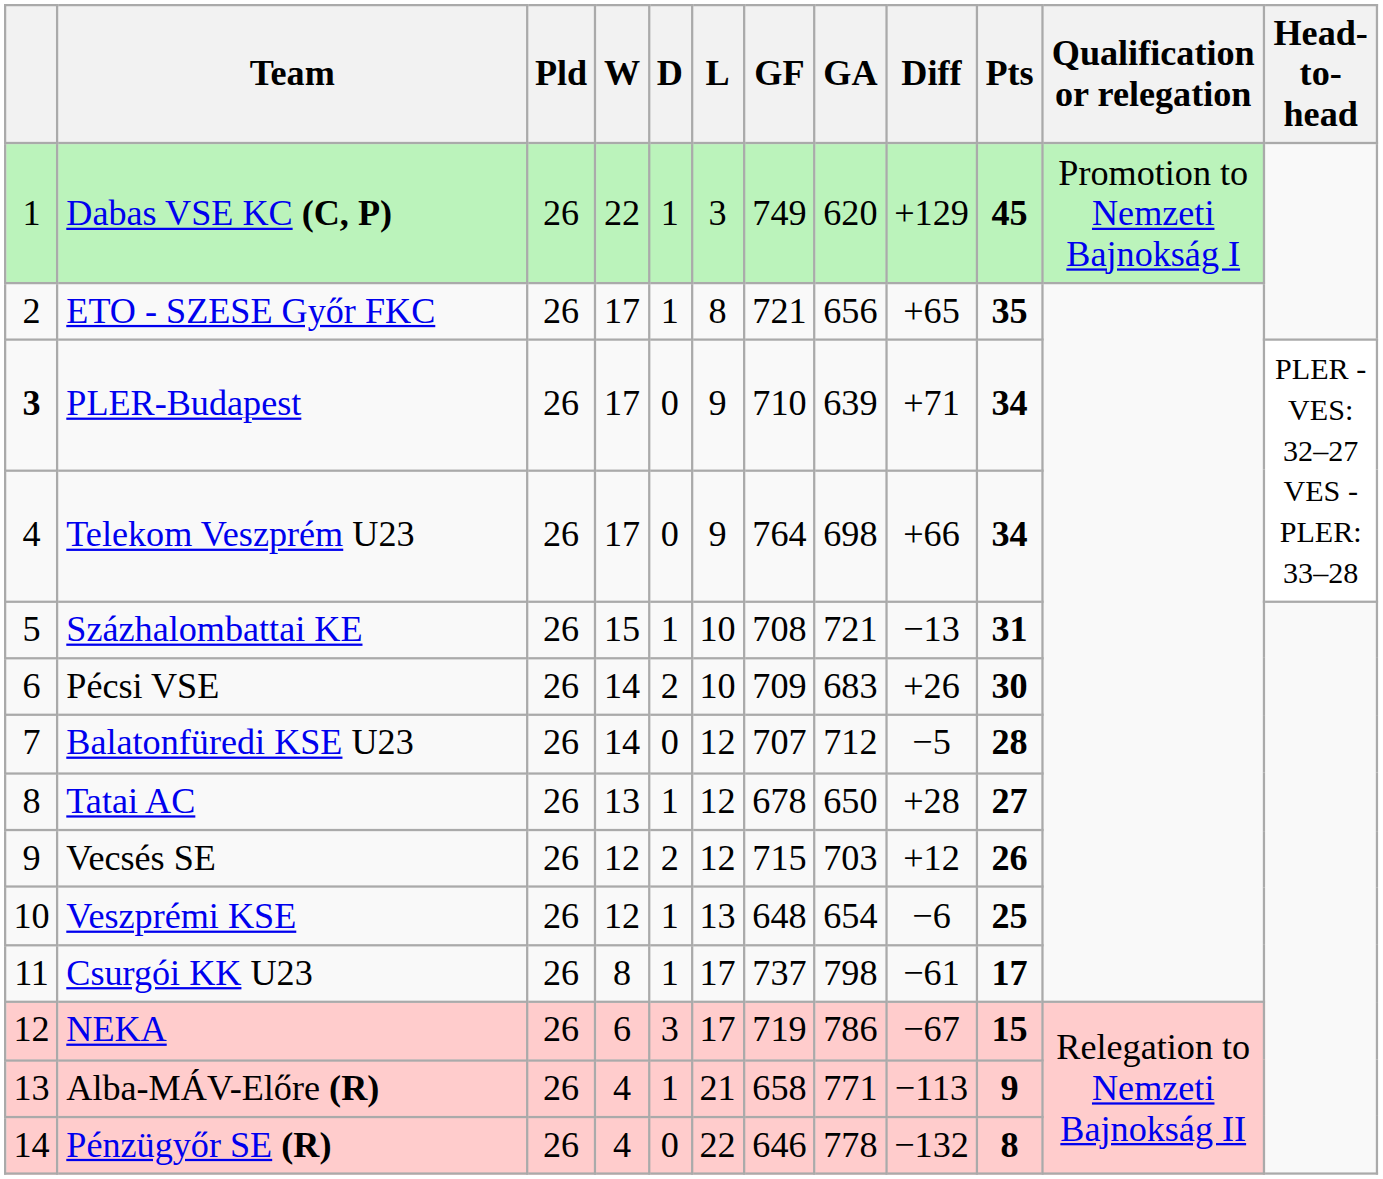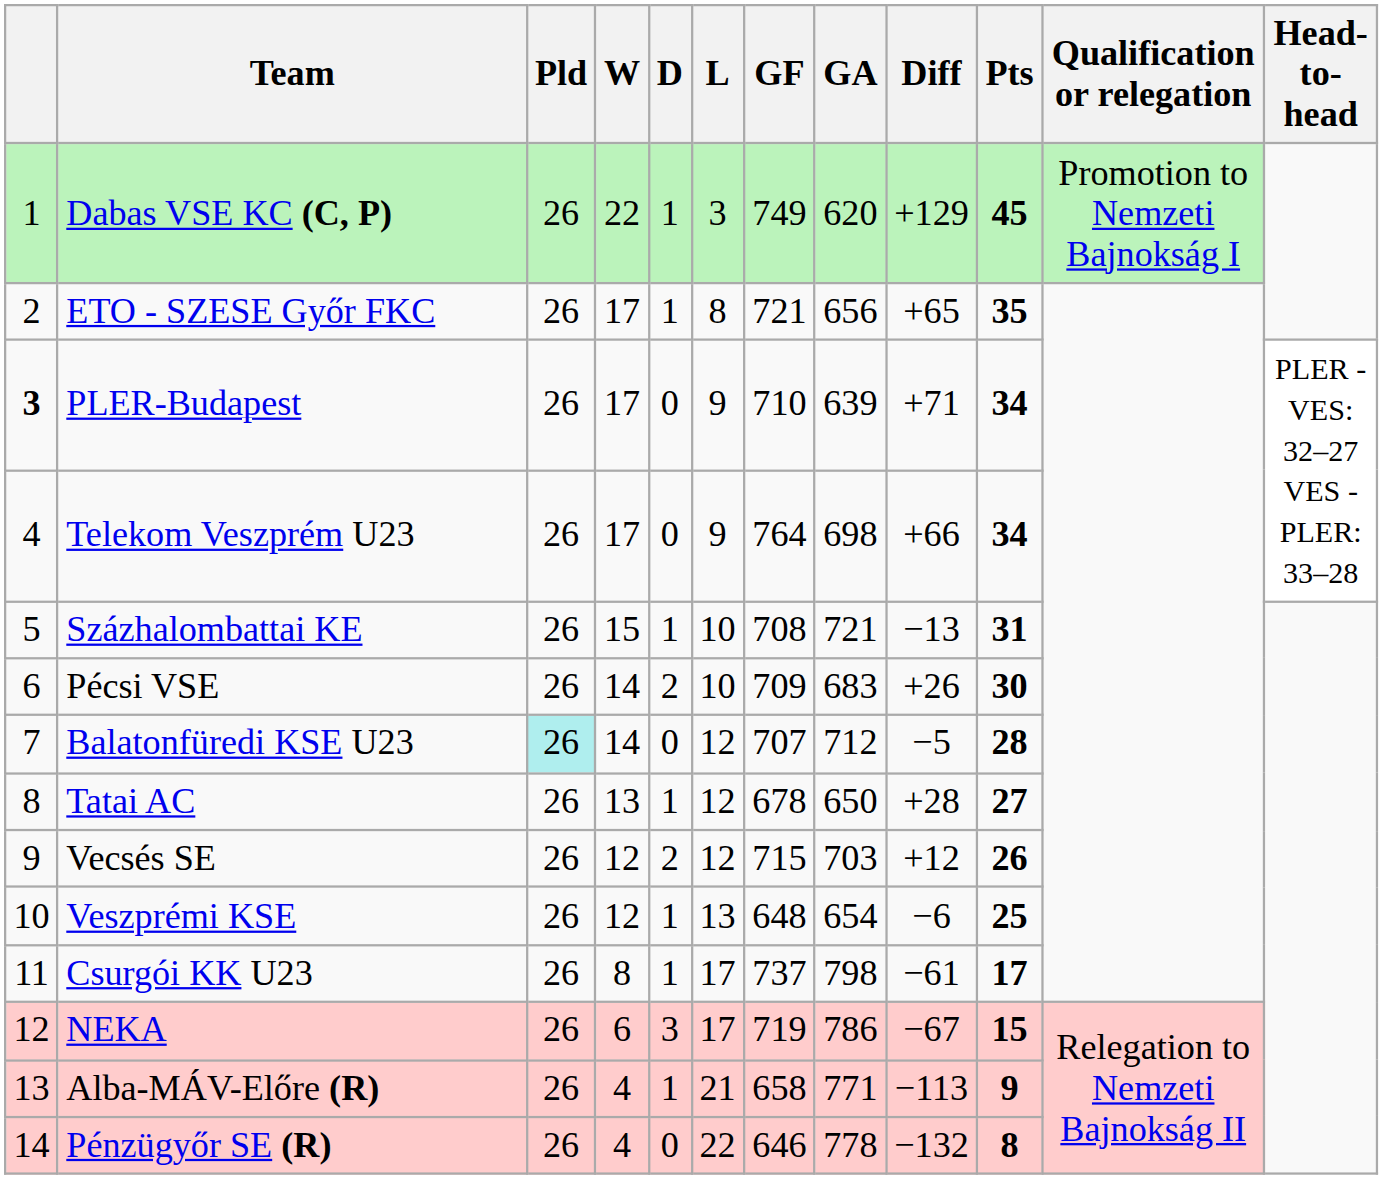 <table class="wikitable sortable" style="text-align:center">
 <tr>
 <th></th>
 <th width="200">Team</th>
 <th>Pld</th>
 <th>W</th>
 <th>D</th>
 <th>L</th>
 <th>GF</th>
 <th>GA</th>
 <th>Diff</th>
 <th>Pts</th>
 <th>Qualification or relegation</th>
 <th>Head-to-head</th>
 </tr>
 <tr style="background:#BBF3BB;">
 <td>1</td>
 <td align=left><a href='#'>Dabas VSE KC</a> <strong>(C, P)</strong></td>
 <td>26</td>
 <td>22</td>
 <td>1</td>
 <td>3</td>
 <td>749</td>
 <td>620</td>
 <td>+129</td>
 <td><strong>45</strong></td>
 <td>Promotion to <a href='#'>Nemzeti Bajnokság I</a></td>
 </tr>
 <tr>
 <td>2</td>
 <td align=left><a href='#'>ETO - SZESE Győr FKC</a></td>
 <td>26</td>
 <td>17</td>
 <td>1</td>
 <td>8</td>
 <td>721</td>
 <td>656</td>
 <td>+65</td>
 <td><strong>35</strong></td>
 <td rowspan="10"></td>
 </tr>
 <tr>
 <td><strong>3</strong></td>
 <td align=left><a href='#'>PLER-Budapest</a></td>
 <td>26</td>
 <td>17</td>
 <td>0</td>
 <td>9</td>
 <td>710</td>
 <td>639</td>
 <td>+71</td>
 <td><strong>34</strong></td>
 <td rowspan="2" style="background: #FFFFFF;"><small>PLER - VES: 32–27<br>VES - PLER: 33–28</small></td>
 </tr>
 <tr>
 <td>4</td>
 <td align=left><a href='#'>Telekom Veszprém</a> U23</td>
 <td>26</td>
 <td>17</td>
 <td>0</td>
 <td>9</td>
 <td>764</td>
 <td>698</td>
 <td>+66</td>
 <td><strong>34</strong></td>
 </tr>
 <tr>
 <td>5</td>
 <td align=left><a href='#'>Százhalombattai KE</a></td>
 <td>26</td>
 <td>15</td>
 <td>1</td>
 <td>10</td>
 <td>708</td>
 <td>721</td>
 <td>−13</td>
 <td><strong>31</strong></td>
 </tr>
 <tr>
 <td>6</td>
 <td align=left>Pécsi VSE</td>
 <td>26</td>
 <td>14</td>
 <td>2</td>
 <td>10</td>
 <td>709</td>
 <td>683</td>
 <td>+26</td>
 <td><strong>30</strong></td>
 </tr>
 <tr>
 <td>7</td>
 <td align=left><a href='#'>Balatonfüredi KSE</a> U23</td>
-<td>26</td>
+<td style="background: paleturquoise;">26</td>
 <td>14</td>
 <td>0</td>
 <td>12</td>
 <td>707</td>
 <td>712</td>
 <td>−5</td>
 <td><strong>28</strong></td>
 </tr>
 <tr>
 <td>8</td>
 <td align=left><a href='#'>Tatai AC</a></td>
 <td>26</td>
 <td>13</td>
 <td>1</td>
 <td>12</td>
 <td>678</td>
 <td>650</td>
 <td>+28</td>
 <td><strong>27</strong></td>
 </tr>
 <tr>
 <td>9</td>
 <td align=left>Vecsés SE</td>
 <td>26</td>
 <td>12</td>
 <td>2</td>
 <td>12</td>
 <td>715</td>
 <td>703</td>
 <td>+12</td>
 <td><strong>26</strong></td>
 </tr>
 <tr>
 <td>10</td>
 <td align=left><a href='#'>Veszprémi KSE</a></td>
 <td>26</td>
 <td>12</td>
 <td>1</td>
 <td>13</td>
 <td>648</td>
 <td>654</td>
 <td>−6</td>
 <td><strong>25</strong></td>
 </tr>
 <tr>
 <td>11</td>
 <td align=left><a href='#'>Csurgói KK</a> U23</td>
 <td>26</td>
 <td>8</td>
 <td>1</td>
 <td>17</td>
 <td>737</td>
 <td>798</td>
 <td>−61</td>
 <td><strong>17</strong></td>
 </tr>
 <tr style="background: #FFCCCC;">
 <td>12</td>
 <td align=left><a href='#'>NEKA</a></td>
 <td>26</td>
 <td>6</td>
 <td>3</td>
 <td>17</td>
 <td>719</td>
 <td>786</td>
 <td>−67</td>
 <td><strong>15</strong></td>
 <td rowspan="3">Relegation to <a href='#'>Nemzeti Bajnokság II</a></td>
 </tr>
 <tr style="background: #FFCCCC;">
 <td>13</td>
 <td align=left>Alba-MÁV-Előre <strong>(R)</strong></td>
 <td>26</td>
 <td>4</td>
 <td>1</td>
 <td>21</td>
 <td>658</td>
 <td>771</td>
 <td>−113</td>
 <td><strong>9</strong></td>
 </tr>
 <tr style="background: #FFCCCC;">
 <td>14</td>
 <td align=left><a href='#'>Pénzügyőr SE</a> <strong>(R)</strong></td>
 <td>26</td>
 <td>4</td>
 <td>0</td>
 <td>22</td>
 <td>646</td>
 <td>778</td>
 <td>−132</td>
 <td><strong>8</strong></td>
 </tr>
 </table>
